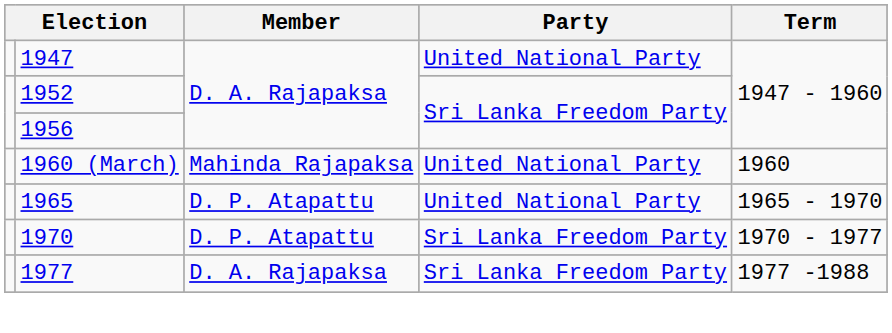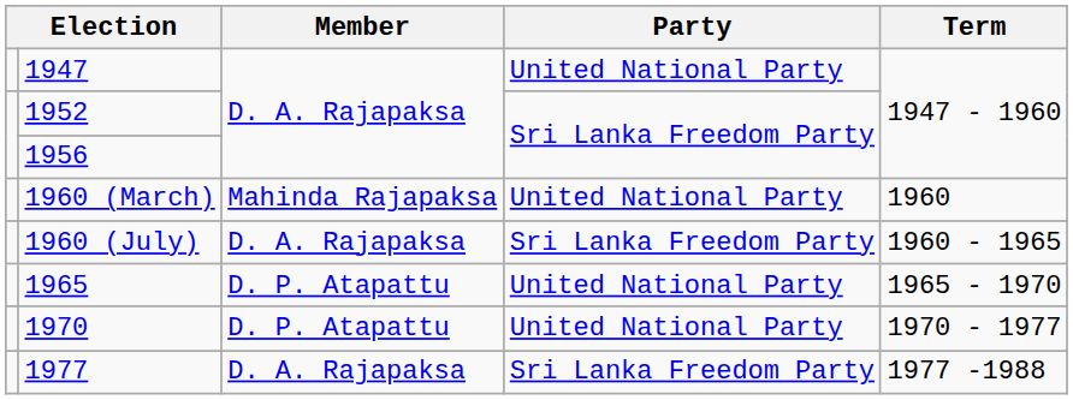 <table class="wikitable">
 <tr>
 <th colspan="2">Election</th>
 <th>Member</th>
 <th>Party</th>
 <th>Term</th>
 </tr>
 <tr>
 <td style="background-color: "></td>
 <td><a href='#'>1947</a></td>
 <td rowspan="3"><a href='#'>D. A. Rajapaksa</a></td>
 <td><a href='#'>United National Party</a></td>
 <td rowspan="3">1947 - 1960</td>
 </tr>
 <tr>
 <td rowspan="2" style="background-color: "></td>
 <td><a href='#'>1952</a></td>
 <td rowspan="2"><a href='#'>Sri Lanka Freedom Party</a></td>
 </tr>
 <tr>
 <td><a href='#'>1956</a></td>
 </tr>
 <tr>
 <td style="background-color: "></td>
 <td><a href='#'>1960 (March)</a></td>
 <td><a href='#'>Mahinda Rajapaksa</a></td>
 <td><a href='#'>United National Party</a></td>
 <td>1960</td>
 </tr>
 <tr>
 <td style="background-color: "></td>
+<td><a href='#'>1960 (July)</a></td>
+<td><a href='#'>D. A. Rajapaksa</a></td>
+<td><a href='#'>Sri Lanka Freedom Party</a></td>
+<td>1960 - 1965</td>
+</tr>
+<tr>
+<td style="background-color: "></td>
 <td><a href='#'>1965</a></td>
 <td><a href='#'>D. P. Atapattu</a></td>
 <td><a href='#'>United National Party</a></td>
 <td>1965 - 1970</td>
 </tr>
 <tr>
 <td style="background-color: "></td>
 <td><a href='#'>1970</a></td>
 <td><a href='#'>D. P. Atapattu</a></td>
-<td><a href='#'>Sri Lanka Freedom Party</a></td>
+<td><a href='#'>United National Party</a></td>
 <td>1970 - 1977</td>
 </tr>
 <tr>
 <td style="background-color: "></td>
 <td><a href='#'>1977</a></td>
 <td><a href='#'>D. A. Rajapaksa</a></td>
 <td><a href='#'>Sri Lanka Freedom Party</a></td>
 <td>1977 -1988</td>
 </tr>
 </table>
